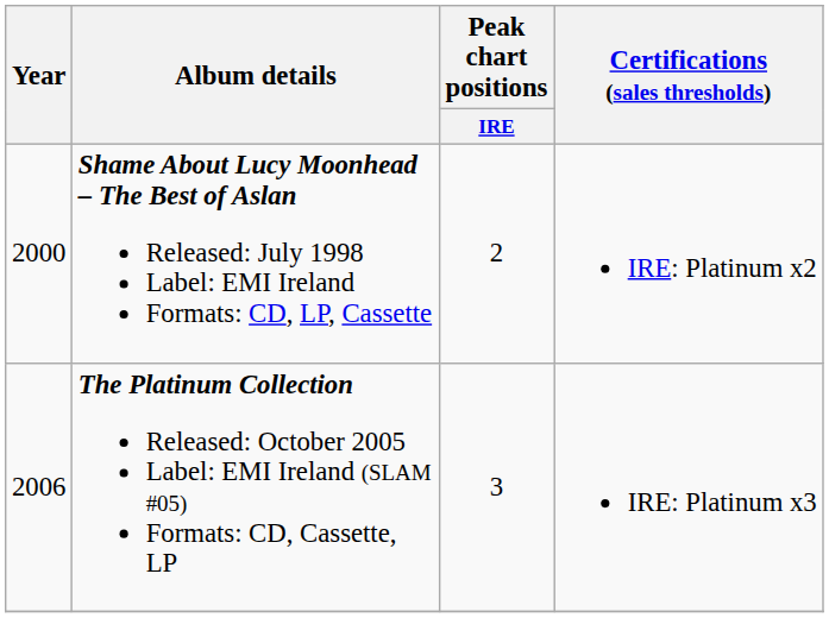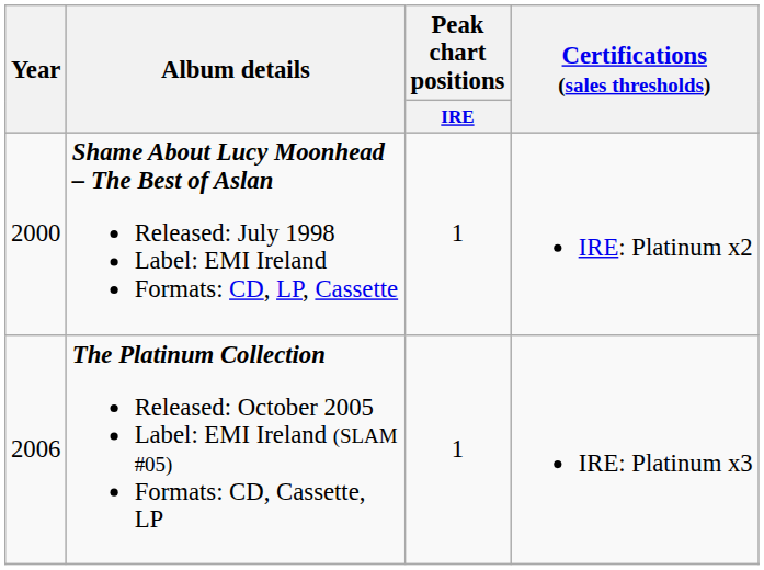 <table class="wikitable" style="text-align:center;">
 <tr>
 <th rowspan="2">Year</th>
 <th width="210" rowspan="2">Album details</th>
 <th colspan="1">Peak chart positions</th>
 <th rowspan="2"><a href='#'>Certifications</a><br><small>(<a href='#'>sales thresholds</a>)</small></th>
 </tr>
 <tr>
 <th style="width:3em;font-size:75%"><a href='#'>IRE</a></th>
 </tr>
 <tr>
 <td>2000</td>
 <td align="left"><strong><em>Shame About Lucy Moonhead – The Best of Aslan</em></strong><br><ul><li>Released: July 1998</li><li>Label: EMI Ireland</li><li>Formats: <a href='#'>CD</a>, <a href='#'>LP</a>, <a href='#'>Cassette</a></li></ul></td>
-<td>2</td>
+<td>1</td>
 <td align="left"><br><ul><li><a href='#'>IRE</a>: Platinum x2</li></ul></td>
 </tr>
 <tr>
 <td>2006</td>
 <td align="left"><strong><em>The Platinum Collection</em></strong><br><ul><li>Released: October 2005</li><li>Label: EMI Ireland <small>(SLAM #05)</small></li><li>Formats: CD, Cassette, LP</li></ul></td>
-<td>3</td>
+<td>1</td>
 <td align="left"><br><ul><li>IRE: Platinum x3</li></ul></td>
 </tr>
 <tr>
 </tr>
 </table>
